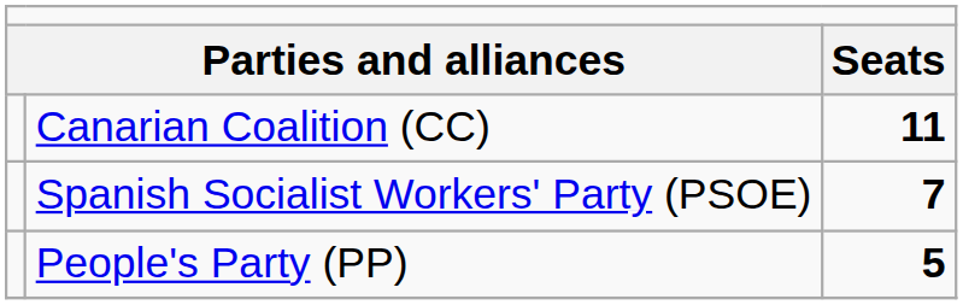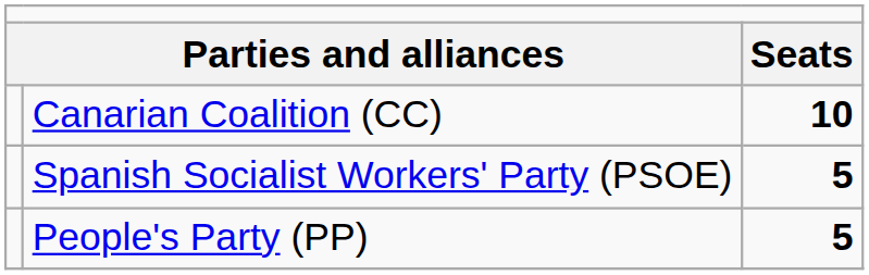 <table class="wikitable" style="text-align:right;">
 <tr>
 <td colspan="7"></td>
 </tr>
 <tr>
 <th colspan="2">Parties and alliances</th>
 <th colspan="2">Seats</th>
 </tr>
 <tr>
 <td style="color:inherit;background:"></td>
 <td align="left"><a href='#'>Canarian Coalition</a> (CC)</td>
-<td><strong>11</strong></td>
+<td><strong>10</strong></td>
 </tr>
 <tr>
 <td style="color:inherit;background:"></td>
 <td align="left"><a href='#'>Spanish Socialist Workers' Party</a> (PSOE)</td>
-<td><strong>7</strong></td>
+<td><strong>5</strong></td>
 </tr>
 <tr>
 <td style="color:inherit;background:"></td>
 <td align="left"><a href='#'>People's Party</a> (PP)</td>
 <td><strong>5</strong></td>
 </tr>
 <tr>
 </tr>
 </table>
